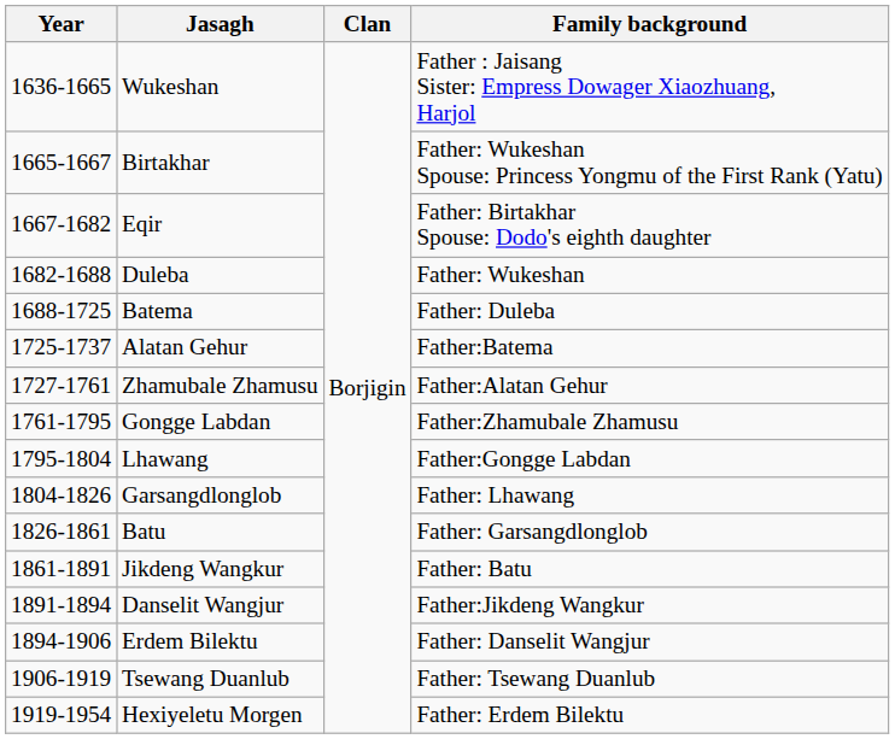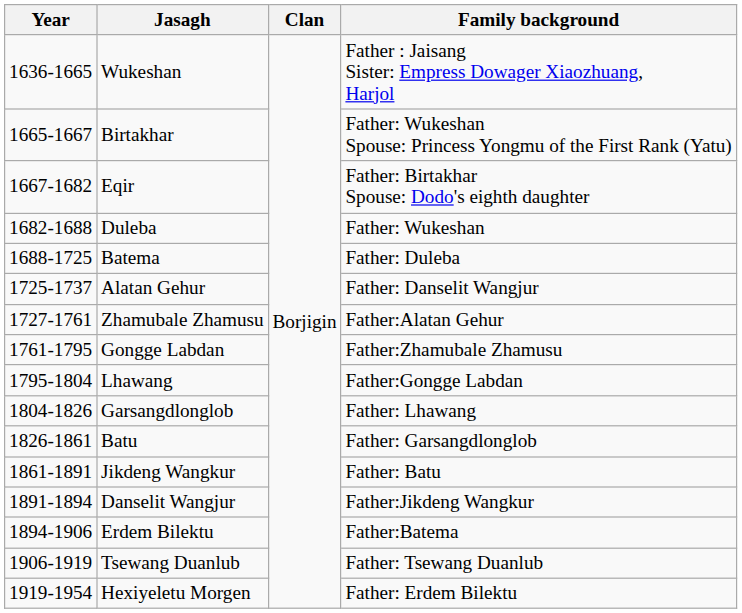 <table class="wikitable">
 <tr>
 <th>Year</th>
 <th>Jasagh</th>
 <th>Clan</th>
 <th>Family background</th>
 </tr>
 <tr>
 <td>1636-1665</td>
 <td>Wukeshan</td>
 <td rowspan="16">Borjigin</td>
 <td>Father : Jaisang<br>Sister: <a href='#'>Empress Dowager Xiaozhuang</a>,<br><a href='#'>Harjol</a></td>
 </tr>
 <tr>
 <td>1665-1667</td>
 <td>Birtakhar</td>
 <td>Father: Wukeshan<br>Spouse: Princess Yongmu of the First Rank (Yatu)</td>
 </tr>
 <tr>
 <td>1667-1682</td>
 <td>Eqir</td>
 <td>Father: Birtakhar<br>Spouse: <a href='#'>Dodo</a>'s eighth daughter</td>
 </tr>
 <tr>
 <td>1682-1688</td>
 <td>Duleba</td>
 <td>Father: Wukeshan</td>
 </tr>
 <tr>
 <td>1688-1725</td>
 <td>Batema</td>
 <td>Father: Duleba</td>
 </tr>
 <tr>
 <td>1725-1737</td>
 <td>Alatan Gehur</td>
-<td>Father:Batema</td>
+<td>Father: Danselit Wangjur</td>
 </tr>
 <tr>
 <td>1727-1761</td>
 <td>Zhamubale Zhamusu</td>
 <td>Father:Alatan Gehur</td>
 </tr>
 <tr>
 <td>1761-1795</td>
 <td>Gongge Labdan</td>
 <td>Father:Zhamubale Zhamusu</td>
 </tr>
 <tr>
 <td>1795-1804</td>
 <td>Lhawang</td>
 <td>Father:Gongge Labdan</td>
 </tr>
 <tr>
 <td>1804-1826</td>
 <td>Garsangdlonglob</td>
 <td>Father: Lhawang</td>
 </tr>
 <tr>
 <td>1826-1861</td>
 <td>Batu</td>
 <td>Father: Garsangdlonglob</td>
 </tr>
 <tr>
 <td>1861-1891</td>
 <td>Jikdeng Wangkur</td>
 <td>Father: Batu</td>
 </tr>
 <tr>
 <td>1891-1894</td>
 <td>Danselit Wangjur</td>
 <td>Father:Jikdeng Wangkur</td>
 </tr>
 <tr>
 <td>1894-1906</td>
 <td>Erdem Bilektu</td>
-<td>Father: Danselit Wangjur</td>
+<td>Father:Batema</td>
 </tr>
 <tr>
 <td>1906-1919</td>
 <td>Tsewang Duanlub</td>
 <td>Father: Tsewang Duanlub</td>
 </tr>
 <tr>
 <td>1919-1954</td>
 <td>Hexiyeletu Morgen</td>
 <td>Father: Erdem Bilektu</td>
 </tr>
 </table>
